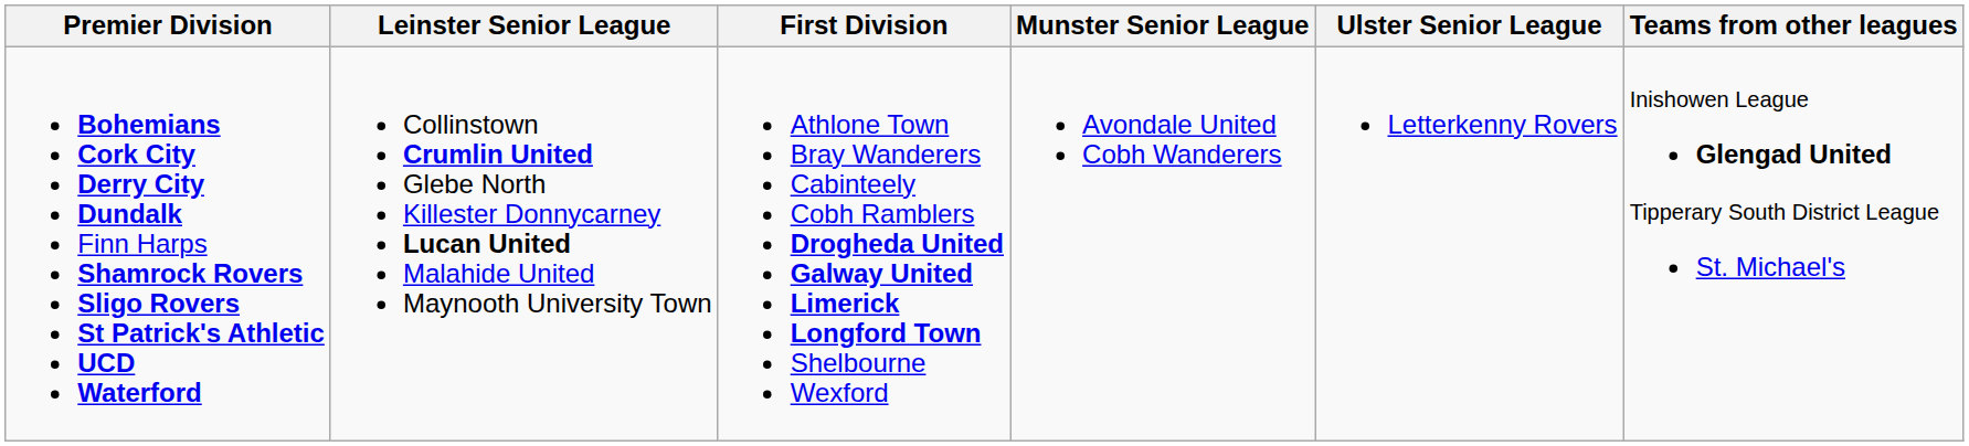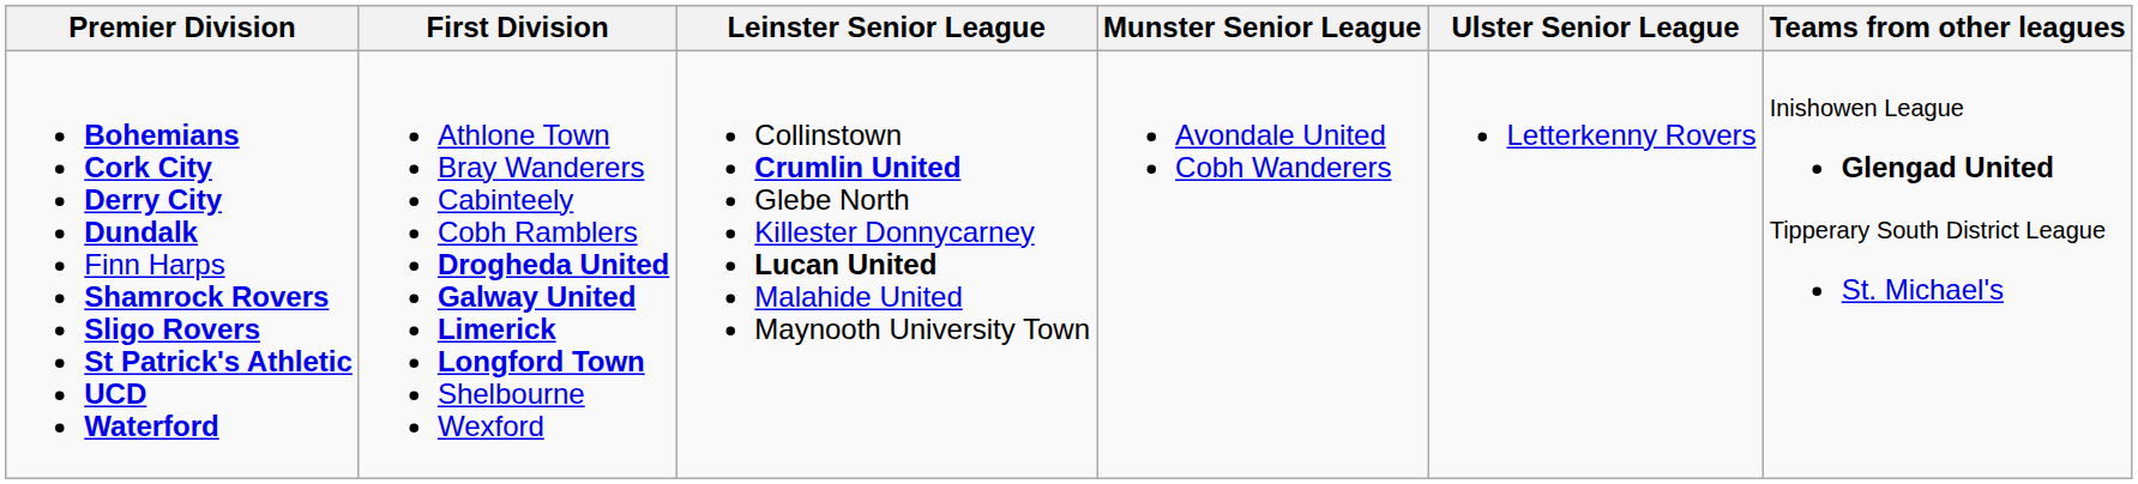 <table class="wikitable">
 <tr>
 <th>Premier Division</th>
+<th>First Division</th>
 <th>Leinster Senior League</th>
-<th>First Division</th>
 <th>Munster Senior League</th>
 <th>Ulster Senior League</th>
 <th>Teams from other leagues</th>
 </tr>
 <tr>
 <td valign="top"><br><ul><li><strong><a href='#'>Bohemians</a></strong></li><li><strong><a href='#'>Cork City</a></strong></li><li><strong><a href='#'>Derry City</a></strong></li><li><strong><a href='#'>Dundalk</a></strong></li><li><a href='#'>Finn Harps</a></li><li><strong><a href='#'>Shamrock Rovers</a></strong></li><li><strong><a href='#'>Sligo Rovers</a></strong></li><li><strong><a href='#'>St Patrick's Athletic</a></strong></li><li><strong><a href='#'>UCD</a></strong></li><li><strong><a href='#'>Waterford</a></strong></li></ul></td>
+<td valign="top"><br><ul><li><a href='#'>Athlone Town</a></li><li><a href='#'>Bray Wanderers</a></li><li><a href='#'>Cabinteely</a></li><li><a href='#'>Cobh Ramblers</a></li><li><strong><a href='#'>Drogheda United</a></strong></li><li><strong><a href='#'>Galway United</a></strong></li><li><strong><a href='#'>Limerick</a></strong></li><li><strong><a href='#'>Longford Town</a></strong></li><li><a href='#'>Shelbourne</a></li><li><a href='#'>Wexford</a></li></ul></td>
 <td valign="top"><br><ul><li>Collinstown</li><li><strong><a href='#'>Crumlin United</a></strong></li><li>Glebe North</li><li><a href='#'>Killester Donnycarney</a></li><li><strong>Lucan United</strong></li><li><a href='#'>Malahide United</a></li><li>Maynooth University Town</li></ul></td>
-<td valign="top"><br><ul><li><a href='#'>Athlone Town</a></li><li><a href='#'>Bray Wanderers</a></li><li><a href='#'>Cabinteely</a></li><li><a href='#'>Cobh Ramblers</a></li><li><strong><a href='#'>Drogheda United</a></strong></li><li><strong><a href='#'>Galway United</a></strong></li><li><strong><a href='#'>Limerick</a></strong></li><li><strong><a href='#'>Longford Town</a></strong></li><li><a href='#'>Shelbourne</a></li><li><a href='#'>Wexford</a></li></ul></td>
 <td valign="top"><br><ul><li><a href='#'>Avondale United</a></li><li><a href='#'>Cobh Wanderers</a></li></ul></td>
 <td valign="top"><br><ul><li><a href='#'>Letterkenny Rovers</a></li></ul></td>
 <td valign="top"><br><small>Inishowen League</small><ul><li><strong>Glengad United</strong></li></ul><small>Tipperary South District League</small><ul><li><a href='#'>St. Michael's</a></li></ul></td>
 </tr>
 </table>
